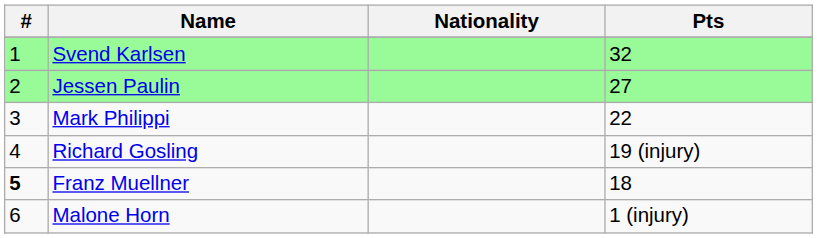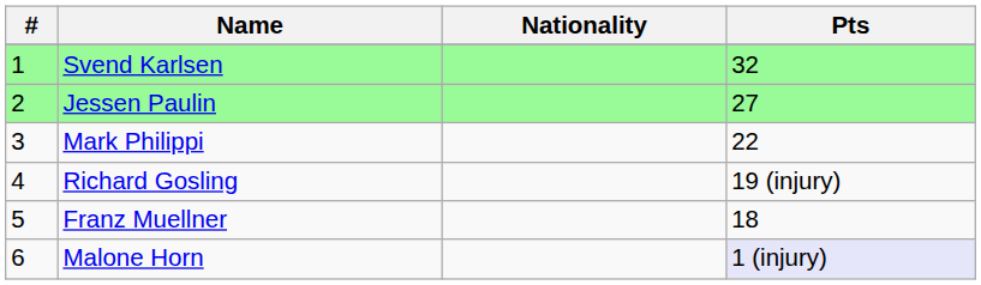 <table class="wikitable" style="display: inline-table; width: 50%;">
 <tr>
 <th>#</th>
 <th>Name</th>
 <th>Nationality</th>
 <th>Pts</th>
 </tr>
 <tr>
 </tr>
 <tr style="background:palegreen;">
 <td>1</td>
 <td><a href='#'>Svend Karlsen</a></td>
 <td></td>
 <td>32</td>
 </tr>
 <tr>
 </tr>
 <tr style="background:palegreen;">
 <td>2</td>
 <td><a href='#'>Jessen Paulin</a></td>
 <td></td>
 <td>27</td>
 </tr>
 <tr>
 <td>3</td>
 <td><a href='#'>Mark Philippi</a></td>
 <td></td>
 <td>22</td>
 </tr>
 <tr>
 <td>4</td>
 <td><a href='#'>Richard Gosling</a></td>
 <td></td>
 <td>19 (injury)</td>
 </tr>
 <tr>
-<td><strong>5</strong></td>
+<td>5</td>
 <td><a href='#'>Franz Muellner</a></td>
 <td></td>
 <td>18</td>
 </tr>
 <tr>
 <td>6</td>
 <td><a href='#'>Malone Horn</a></td>
 <td></td>
-<td>1 (injury)</td>
+<td style="background: lavender;">1 (injury)</td>
 </tr>
 </table>
